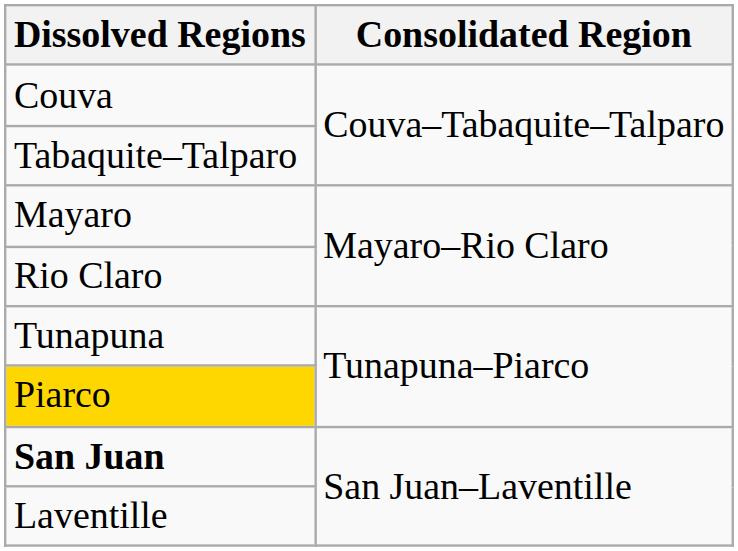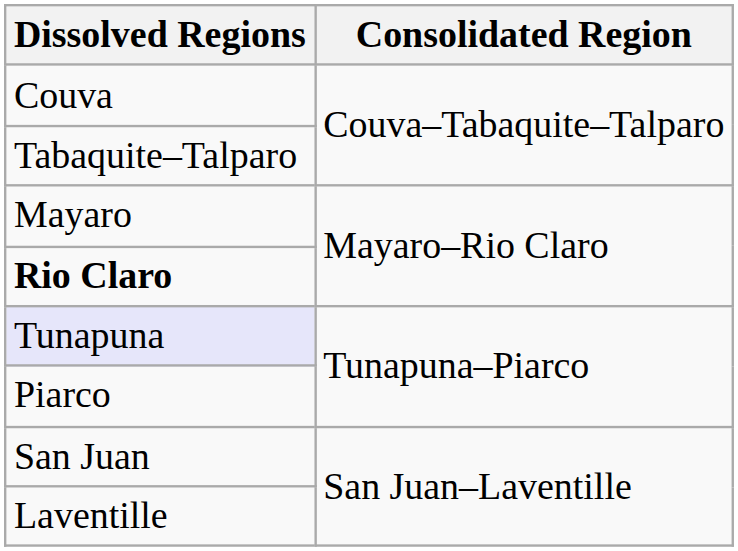 <table class="wikitable sortable">
 <tr>
 <th>Dissolved Regions</th>
 <th>Consolidated Region</th>
 </tr>
 <tr>
 <td>Couva</td>
 <td rowspan="2">Couva–Tabaquite–Talparo</td>
 </tr>
 <tr>
 <td>Tabaquite–Talparo</td>
 </tr>
 <tr>
 <td>Mayaro</td>
 <td rowspan="2">Mayaro–Rio Claro</td>
 </tr>
 <tr>
-<td>Rio Claro</td>
+<td><strong>Rio Claro</strong></td>
 </tr>
 <tr>
-<td>Tunapuna</td>
+<td style="background: lavender;">Tunapuna</td>
 <td rowspan="2">Tunapuna–Piarco</td>
 </tr>
 <tr>
-<td style="background: gold;">Piarco</td>
+<td>Piarco</td>
 </tr>
 <tr>
-<td><strong>San Juan</strong></td>
+<td>San Juan</td>
 <td rowspan="2">San Juan–Laventille</td>
 </tr>
 <tr>
 <td>Laventille</td>
 </tr>
 </table>
